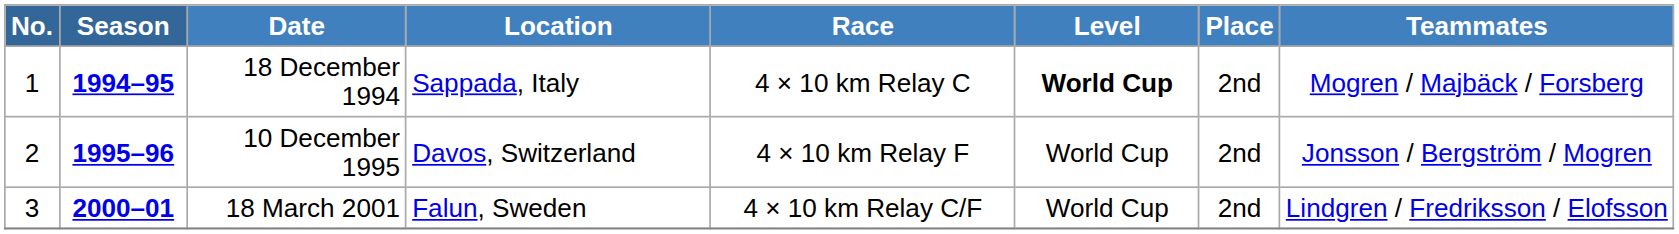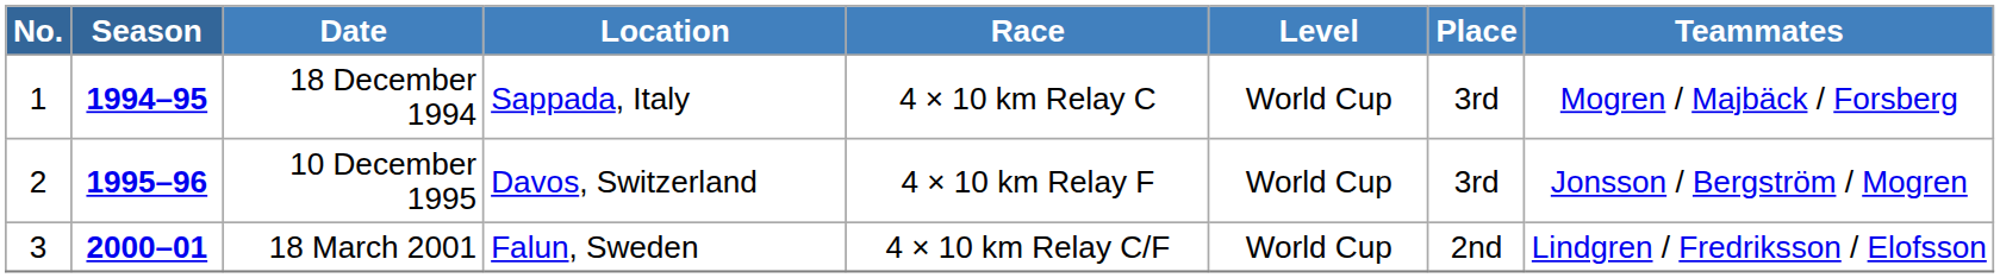 <table class="wikitable sortable" style="font-size:95%; text-align:center; border:grey solid 1px; border-collapse:collapse; background:#ffffff;">
 <tr style="background:#efefef;">
 <th style="background-color:#369; color:white;">No.</th>
 <th style="background-color:#369; color:white;">Season</th>
 <th style="background-color:#4180be; color:white; width:120px;">Date</th>
 <th style="background-color:#4180be; color:white; width:170px;">Location</th>
 <th style="background-color:#4180be; color:white; width:170px;">Race</th>
 <th style="background-color:#4180be; color:white; width:100px;">Level</th>
 <th style="background-color:#4180be; color:white;">Place</th>
 <th style="background-color:#4180be; color:white;">Teammates</th>
 </tr>
 <tr>
 <td align=center>1</td>
 <td rowspan=1 align=center><strong> <a href='#'>1994–95</a> </strong></td>
 <td align=right>18 December 1994</td>
 <td align=left> <a href='#'>Sappada</a>, Italy</td>
 <td>4 × 10 km Relay C</td>
-<td><strong>World Cup</strong></td>
-<td>2nd</td>
+<td>World Cup</td>
+<td>3rd</td>
 <td><a href='#'>Mogren</a> / <a href='#'>Majbäck</a> / <a href='#'>Forsberg</a></td>
 </tr>
 <tr>
 <td align=center>2</td>
 <td rowspan=1 align=center><strong> <a href='#'>1995–96</a> </strong></td>
 <td align=right>10 December 1995</td>
 <td align=left> <a href='#'>Davos</a>, Switzerland</td>
 <td>4 × 10 km Relay F</td>
 <td>World Cup</td>
-<td>2nd</td>
+<td>3rd</td>
 <td><a href='#'>Jonsson</a> / <a href='#'>Bergström</a> / <a href='#'>Mogren</a></td>
 </tr>
 <tr>
 <td align=center>3</td>
 <td rowspan=1 align=center><strong><a href='#'>2000–01</a></strong></td>
 <td align=right>18 March 2001</td>
 <td align=left> <a href='#'>Falun</a>, Sweden</td>
 <td>4 × 10 km Relay C/F</td>
 <td>World Cup</td>
 <td>2nd</td>
 <td><a href='#'>Lindgren</a> / <a href='#'>Fredriksson</a> / <a href='#'>Elofsson</a></td>
 </tr>
 <tr>
 </tr>
 </table>
